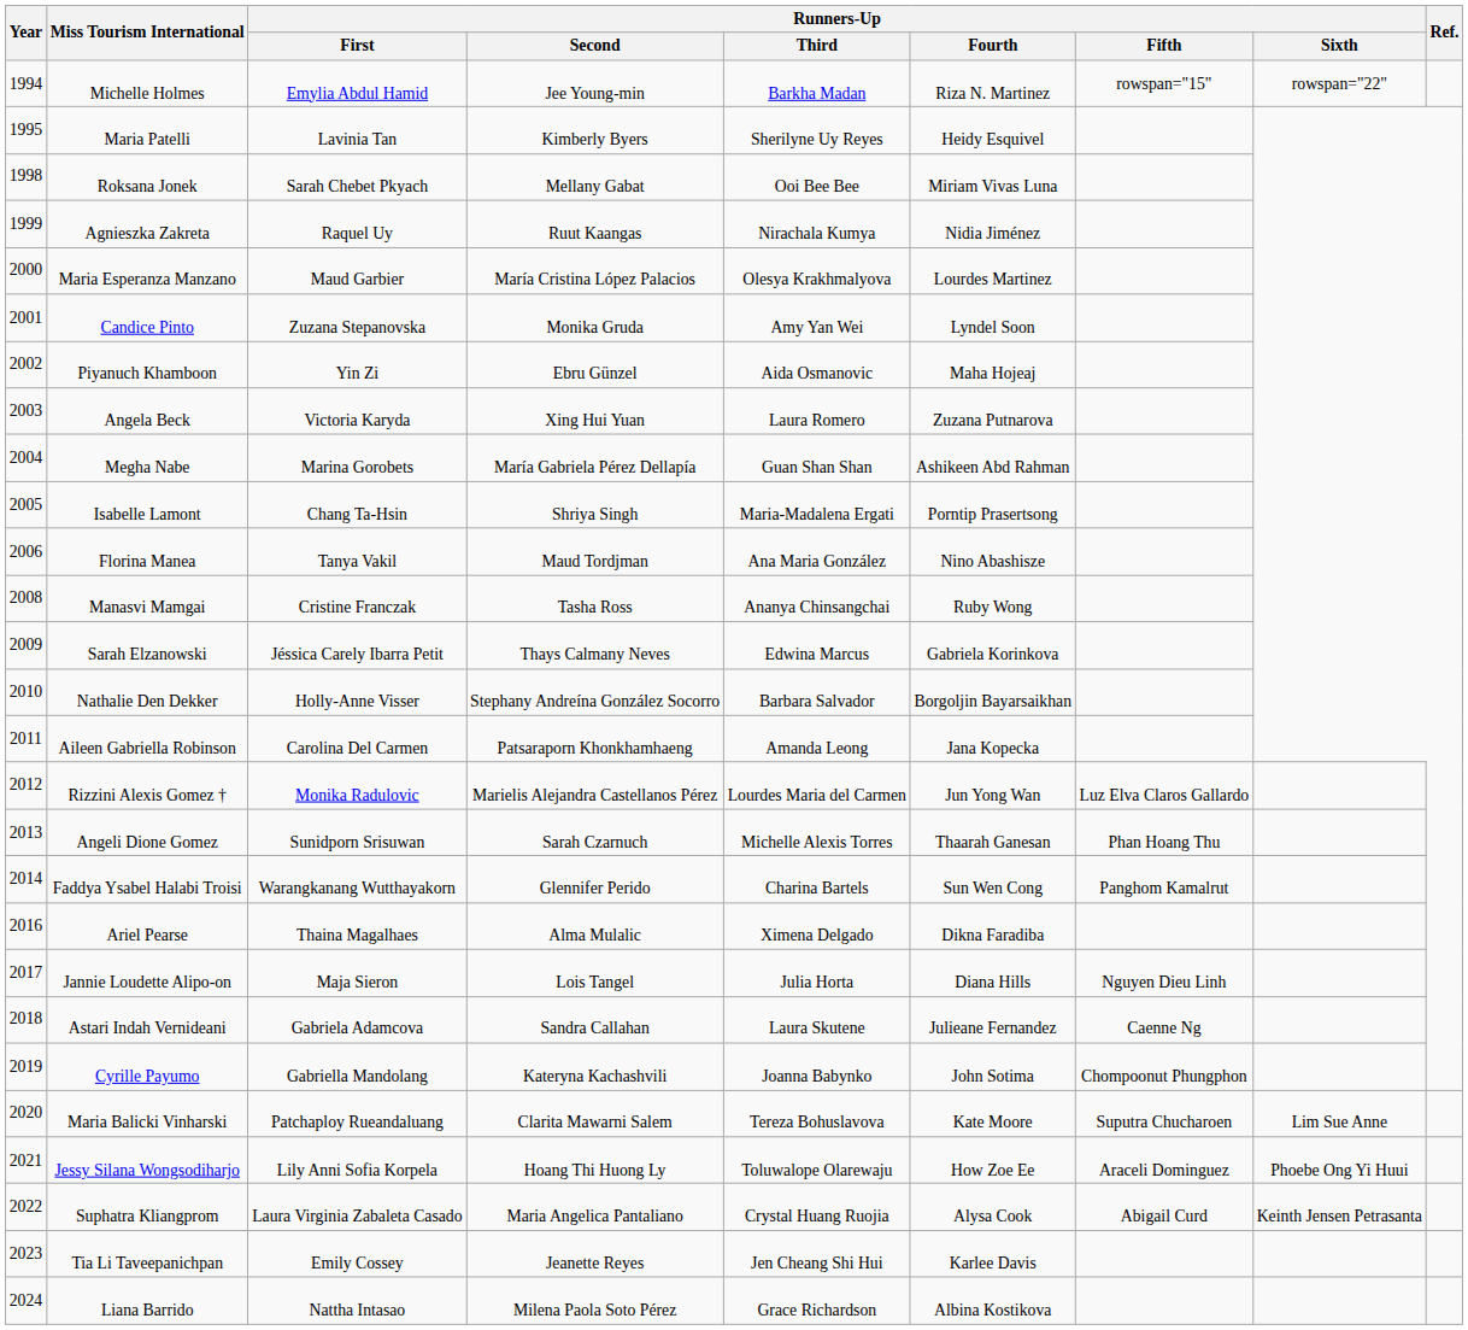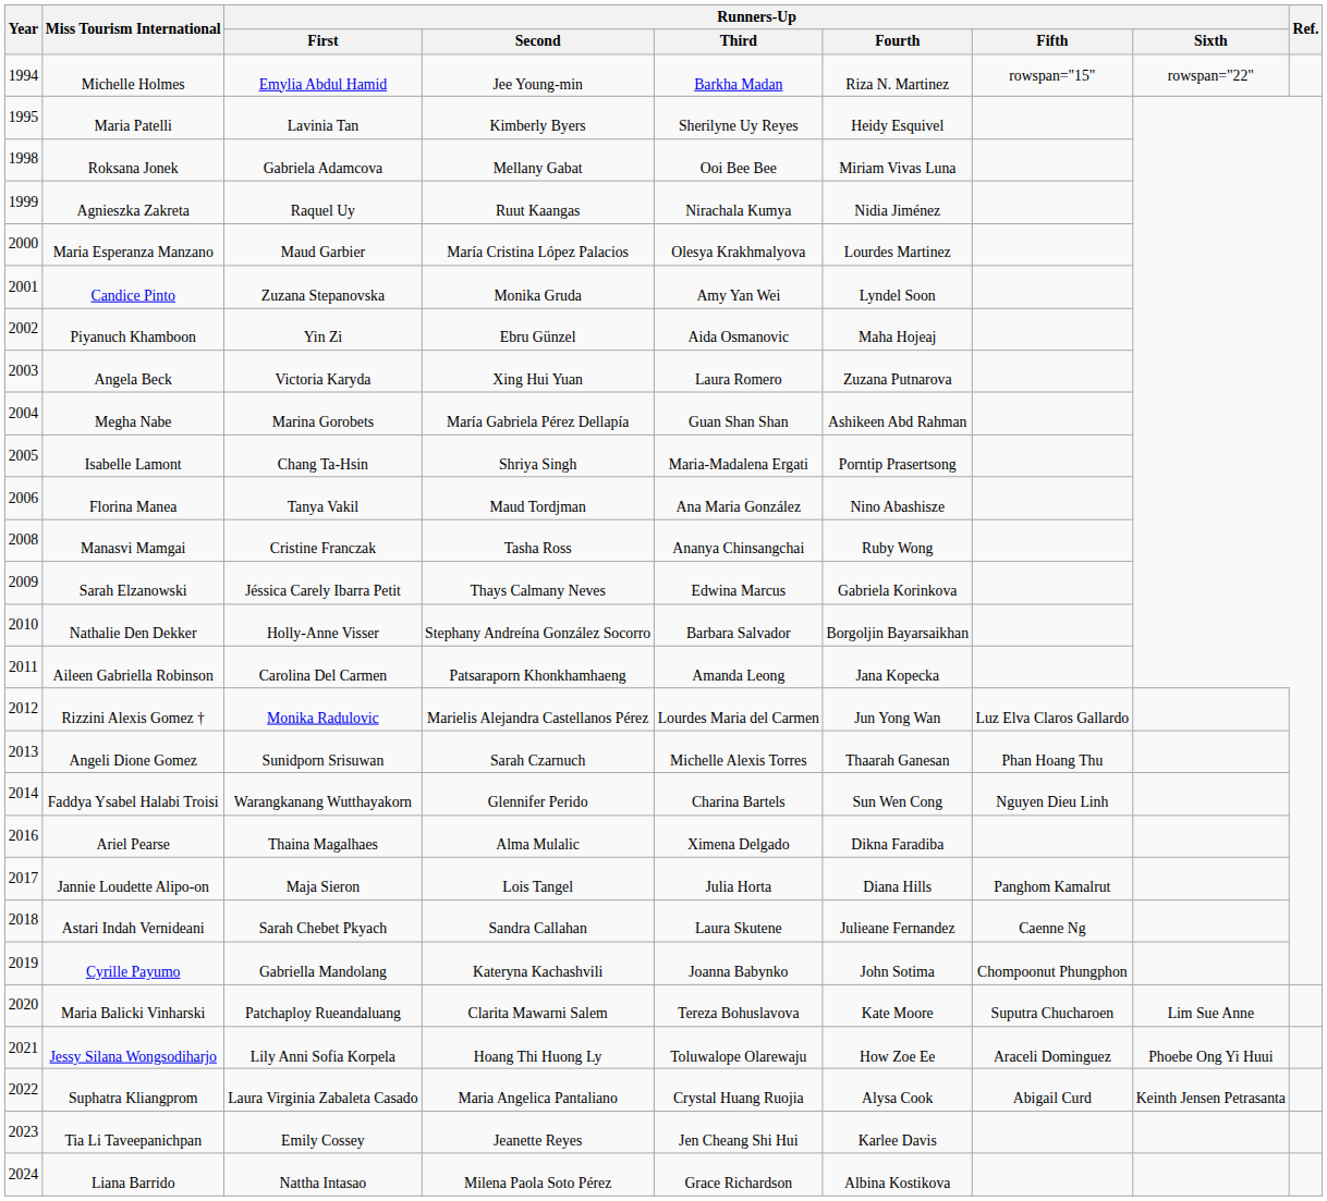 <table class="wikitable sortable" style="font-size: 85%; text-align:center">
 <tr>
 <th rowspan="2">Year</th>
 <th rowspan="2">Miss Tourism International</th>
 <th colspan="6">Runners-Up</th>
 <th rowspan="2">Ref.</th>
 </tr>
 <tr>
 <th>First</th>
 <th>Second</th>
 <th>Third</th>
 <th>Fourth</th>
 <th>Fifth</th>
 <th>Sixth</th>
 </tr>
 <tr>
 <td>1994</td>
 <td><strong><br></strong>Michelle Holmes</td>
 <td><br><a href='#'>Emylia Abdul Hamid</a></td>
 <td><br>Jee Young-min</td>
 <td><br><a href='#'>Barkha Madan</a></td>
 <td><br>Riza N. Martinez</td>
 <td>rowspan="15" </td>
 <td>rowspan="22" </td>
 <td></td>
 </tr>
 <tr>
 <td>1995</td>
 <td><strong><br></strong>Maria Patelli</td>
 <td><br>Lavinia Tan</td>
 <td><br>Kimberly Byers</td>
 <td><br>Sherilyne Uy Reyes</td>
 <td><br>Heidy Esquivel</td>
 <td></td>
 </tr>
 <tr>
 <td>1998</td>
 <td><strong><br></strong>Roksana Jonek</td>
-<td><br>Sarah Chebet Pkyach</td>
+<td><br>Gabriela Adamcova</td>
 <td><br>Mellany Gabat</td>
 <td><br>Ooi Bee Bee</td>
 <td><br>Miriam Vivas Luna</td>
 <td></td>
 </tr>
 <tr>
 <td>1999</td>
 <td><strong><br></strong>Agnieszka Zakreta</td>
 <td><br>Raquel Uy</td>
 <td><br>Ruut Kaangas</td>
 <td><br>Nirachala Kumya</td>
 <td><br>Nidia Jiménez</td>
 <td></td>
 </tr>
 <tr>
 <td>2000</td>
 <td><strong><br></strong>Maria Esperanza Manzano</td>
 <td><br>Maud Garbier</td>
 <td><br>María Cristina López Palacios</td>
 <td><br>Olesya Krakhmalyova</td>
 <td><br>Lourdes Martinez</td>
 <td></td>
 </tr>
 <tr>
 <td>2001</td>
 <td><strong><br></strong><a href='#'>Candice Pinto</a></td>
 <td><br>Zuzana Stepanovska</td>
 <td><br>Monika Gruda</td>
 <td><br>Amy Yan Wei</td>
 <td><br>Lyndel Soon</td>
 <td></td>
 </tr>
 <tr>
 <td>2002</td>
 <td><strong><br></strong>Piyanuch Khamboon</td>
 <td><br>Yin Zi</td>
 <td><br>Ebru Günzel</td>
 <td><br>Aida Osmanovic</td>
 <td><br>Maha Hojeaj</td>
 <td></td>
 </tr>
 <tr>
 <td>2003</td>
 <td><strong><br></strong>Angela Beck</td>
 <td><br>Victoria Karyda</td>
 <td><br>Xing Hui Yuan</td>
 <td><br>Laura Romero</td>
 <td><br>Zuzana Putnarova</td>
 <td></td>
 </tr>
 <tr>
 <td>2004</td>
 <td><strong><br></strong>Megha Nabe</td>
 <td><br>Marina Gorobets</td>
 <td><br>María Gabriela Pérez Dellapía</td>
 <td><br>Guan Shan Shan</td>
 <td><br>Ashikeen Abd Rahman</td>
 <td></td>
 </tr>
 <tr>
 <td>2005</td>
 <td><strong><br></strong>Isabelle Lamont</td>
 <td><br>Chang Ta-Hsin</td>
 <td><br>Shriya Singh</td>
 <td><br>Maria-Madalena Ergati</td>
 <td><br>Porntip Prasertsong</td>
 <td></td>
 </tr>
 <tr>
 <td>2006</td>
 <td><strong></strong><br>Florina Manea</td>
 <td><br>Tanya Vakil</td>
 <td><br>Maud Tordjman</td>
 <td><br>Ana Maria González</td>
 <td><br>Nino Abashisze</td>
 <td></td>
 </tr>
 <tr>
 <td>2008</td>
 <td><strong></strong><br>Manasvi Mamgai</td>
 <td><br>Cristine Franczak</td>
 <td><br>Tasha Ross</td>
 <td><br>Ananya Chinsangchai</td>
 <td><br>Ruby Wong</td>
 <td></td>
 </tr>
 <tr>
 <td>2009</td>
 <td><strong></strong><br>Sarah Elzanowski</td>
 <td><br>Jéssica Carely Ibarra Petit</td>
 <td><br>Thays Calmany Neves</td>
 <td><br>Edwina Marcus</td>
 <td><br>Gabriela Korinkova</td>
 <td></td>
 </tr>
 <tr>
 <td>2010</td>
 <td><strong></strong><br>Nathalie Den Dekker</td>
 <td><br>Holly-Anne Visser</td>
 <td><br>Stephany Andreína González Socorro</td>
 <td><br>Barbara Salvador</td>
 <td><br>Borgoljin Bayarsaikhan</td>
 <td></td>
 </tr>
 <tr>
 <td>2011</td>
 <td><strong></strong><br>Aileen Gabriella Robinson</td>
 <td><br>Carolina Del Carmen</td>
 <td><br>Patsaraporn Khonkhamhaeng</td>
 <td><br>Amanda Leong</td>
 <td><br>Jana Kopecka</td>
 <td></td>
 </tr>
 <tr>
 <td>2012</td>
 <td><strong></strong><br>Rizzini Alexis Gomez †</td>
 <td><br><a href='#'>Monika Radulovic</a></td>
 <td><br>Marielis Alejandra Castellanos Pérez</td>
 <td><br>Lourdes Maria del Carmen</td>
 <td><br>Jun Yong Wan</td>
 <td><br>Luz Elva Claros Gallardo</td>
 <td></td>
 </tr>
 <tr>
 <td>2013</td>
 <td><strong></strong><br>Angeli Dione Gomez</td>
 <td><br>Sunidporn Srisuwan</td>
 <td><br>Sarah Czarnuch</td>
 <td><br>Michelle Alexis Torres</td>
 <td><br>Thaarah Ganesan</td>
 <td><br>Phan Hoang Thu</td>
 <td></td>
 </tr>
 <tr>
 <td>2014</td>
 <td><strong></strong><br>Faddya Ysabel Halabi Troisi</td>
 <td><br>Warangkanang Wutthayakorn</td>
 <td><br>Glennifer Perido</td>
 <td><br>Charina Bartels</td>
 <td><br>Sun Wen Cong</td>
-<td><br>Panghom Kamalrut</td>
+<td><br>Nguyen Dieu Linh</td>
 <td></td>
 </tr>
 <tr>
 <td>2016</td>
 <td><strong></strong><br>Ariel Pearse</td>
 <td><br>Thaina Magalhaes</td>
 <td><br>Alma Mulalic</td>
 <td><br>Ximena Delgado</td>
 <td><br>Dikna Faradiba</td>
 <td></td>
 <td></td>
 </tr>
 <tr>
 <td>2017</td>
 <td><strong></strong><br>Jannie Loudette Alipo-on</td>
 <td><br>Maja Sieron</td>
 <td><br>Lois Tangel</td>
 <td><br>Julia Horta</td>
 <td><br>Diana Hills</td>
-<td><br>Nguyen Dieu Linh</td>
+<td><br>Panghom Kamalrut</td>
 <td></td>
 </tr>
 <tr>
 <td>2018</td>
 <td><strong></strong><br>Astari Indah Vernideani</td>
-<td><br>Gabriela Adamcova</td>
+<td><br>Sarah Chebet Pkyach</td>
 <td><br>Sandra Callahan</td>
 <td><br>Laura Skutene</td>
 <td><br>Julieane Fernandez</td>
 <td><br>Caenne Ng</td>
 <td></td>
 </tr>
 <tr>
 <td>2019</td>
 <td><strong></strong><br><a href='#'>Cyrille Payumo</a></td>
 <td><br>Gabriella Mandolang</td>
 <td><br>Kateryna Kachashvili</td>
 <td><br>Joanna Babynko</td>
 <td><br>John Sotima</td>
 <td><br>Chompoonut Phungphon</td>
 <td></td>
 </tr>
 <tr>
 <td>2020</td>
 <td><strong></strong><br>Maria Balicki Vinharski</td>
 <td><br>Patchaploy Rueandaluang</td>
 <td><br>Clarita Mawarni Salem</td>
 <td><br>Tereza Bohuslavova</td>
 <td><br>Kate Moore</td>
 <td><br>Suputra Chucharoen</td>
 <td><br>Lim Sue Anne</td>
 <td></td>
 </tr>
 <tr>
 <td>2021</td>
 <td><strong></strong><br><a href='#'>Jessy Silana Wongsodiharjo</a></td>
 <td><br>Lily Anni Sofia Korpela</td>
 <td><br>Hoang Thi Huong Ly</td>
 <td><br>Toluwalope Olarewaju</td>
 <td><br>How Zoe Ee</td>
 <td><br>Araceli Dominguez</td>
 <td><br>Phoebe Ong Yi Huui</td>
 <td></td>
 </tr>
 <tr>
 <td>2022</td>
 <td><strong></strong><br>Suphatra Kliangprom</td>
 <td><br>Laura Virginia Zabaleta Casado</td>
 <td><br>Maria Angelica Pantaliano</td>
 <td><br>Crystal Huang Ruojia</td>
 <td><br>Alysa Cook</td>
 <td><br>Abigail Curd</td>
 <td><br>Keinth Jensen Petrasanta</td>
 <td></td>
 </tr>
 <tr>
 <td>2023</td>
 <td><strong></strong><br>Tia Li Taveepanichpan</td>
 <td><br>Emily Cossey</td>
 <td><br>Jeanette Reyes</td>
 <td><br>Jen Cheang Shi Hui</td>
 <td><br>Karlee Davis</td>
 <td></td>
 <td></td>
 <td></td>
 </tr>
 <tr>
 <td>2024</td>
 <td><strong></strong><br>Liana Barrido</td>
 <td><br>Nattha Intasao</td>
 <td><br>Milena Paola Soto Pérez</td>
 <td><br>Grace Richardson</td>
 <td><br>Albina Kostikova</td>
 <td></td>
 <td></td>
 <td></td>
 </tr>
 </table>
